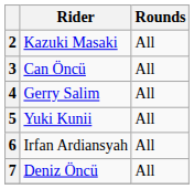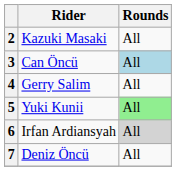 <table class="wikitable" style="font-size: 85%;">
 <tr>
 <th></th>
 <th>Rider</th>
 <th>Rounds</th>
 </tr>
 <tr>
 <th>2</th>
 <td> <a href='#'>Kazuki Masaki</a></td>
 <td>All</td>
 </tr>
 <tr>
 <th>3</th>
 <td> <a href='#'>Can Öncü</a></td>
-<td>All</td>
+<td style="background: lightblue;">All</td>
 </tr>
 <tr>
 <th>4</th>
 <td> <a href='#'>Gerry Salim</a></td>
 <td>All</td>
 </tr>
 <tr>
 <th>5</th>
 <td> <a href='#'>Yuki Kunii</a></td>
-<td>All</td>
+<td style="background: lightgreen;">All</td>
 </tr>
 <tr>
 <th>6</th>
 <td> Irfan Ardiansyah</td>
-<td>All</td>
+<td style="background: lightgrey;">All</td>
 </tr>
 <tr>
 <th>7</th>
 <td align="left"> <a href='#'>Deniz Öncü</a></td>
 <td>All</td>
 </tr>
 <tr>
 </tr>
 </table>
